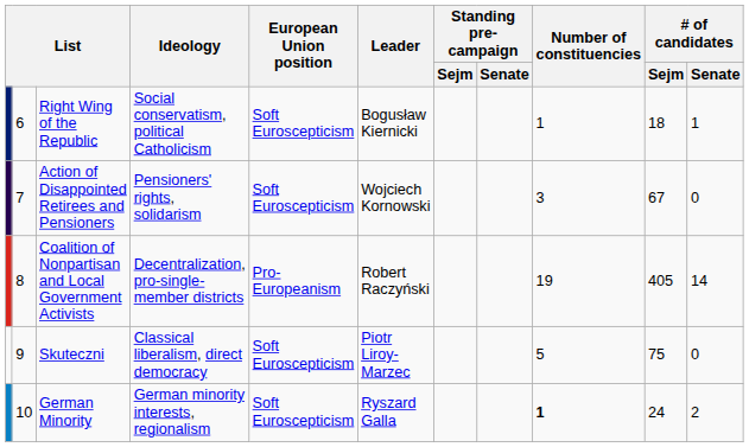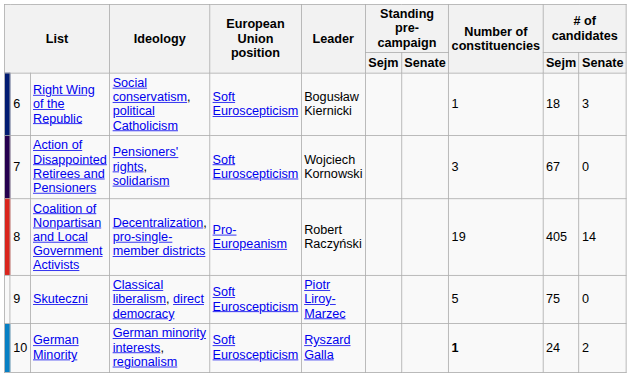 <table class="wikitable">
 <tr>
 <th rowspan="2" colspan=3>List</th>
 <th rowspan="2">Ideology</th>
 <th rowspan="2">European Union position</th>
 <th rowspan="2">Leader</th>
 <th colspan="2">Standing pre-campaign</th>
 <th rowspan="2">Number of constituencies</th>
 <th colspan="2"># of candidates</th>
 </tr>
 <tr>
 <th>Sejm</th>
 <th>Senate</th>
 <th>Sejm</th>
 <th>Senate</th>
 </tr>
 <tr>
 <td style="background:#021C72;"></td>
 <td>6</td>
 <td><a href='#'>Right Wing of the Republic</a></td>
 <td><a href='#'>Social conservatism</a>, <a href='#'>political Catholicism</a></td>
 <td><a href='#'>Soft Euroscepticism</a></td>
 <td>Bogusław Kiernicki</td>
 <td></td>
 <td></td>
 <td>1</td>
 <td>18</td>
-<td>1</td>
+<td>3</td>
 </tr>
 <tr>
 <td style="background:#25004F;"></td>
 <td>7</td>
 <td><a href='#'>Action of Disappointed Retirees and Pensioners</a></td>
 <td><a href='#'>Pensioners' rights</a>, <a href='#'>solidarism</a></td>
 <td><a href='#'>Soft Euroscepticism</a></td>
 <td>Wojciech Kornowski</td>
 <td></td>
 <td></td>
 <td>3</td>
 <td>67</td>
 <td>0</td>
 </tr>
 <tr>
 <td style="background:#DA251D;"></td>
 <td>8</td>
 <td><a href='#'>Coalition of Nonpartisan and Local Government Activists</a></td>
 <td><a href='#'>Decentralization</a>, <a href='#'>pro-single-member districts</a></td>
 <td><a href='#'>Pro-Europeanism</a></td>
 <td>Robert Raczyński</td>
 <td></td>
 <td></td>
 <td>19</td>
 <td>405</td>
 <td>14</td>
 </tr>
 <tr>
 <td style="background:"></td>
 <td>9</td>
 <td><a href='#'>Skuteczni</a></td>
 <td><a href='#'>Classical liberalism</a>, <a href='#'>direct democracy</a></td>
 <td><a href='#'>Soft Euroscepticism</a></td>
 <td><a href='#'>Piotr Liroy-Marzec</a></td>
 <td></td>
 <td></td>
 <td>5</td>
 <td>75</td>
 <td>0</td>
 </tr>
 <tr>
 <td style="background:#0780C4;"></td>
 <td>10</td>
 <td><a href='#'>German Minority</a></td>
 <td><a href='#'>German minority interests</a>, <a href='#'>regionalism</a></td>
 <td><a href='#'>Soft Euroscepticism</a></td>
 <td><a href='#'>Ryszard Galla</a></td>
 <td></td>
 <td></td>
 <td><strong>1</strong></td>
 <td>24</td>
 <td>2</td>
 </tr>
 </table>
